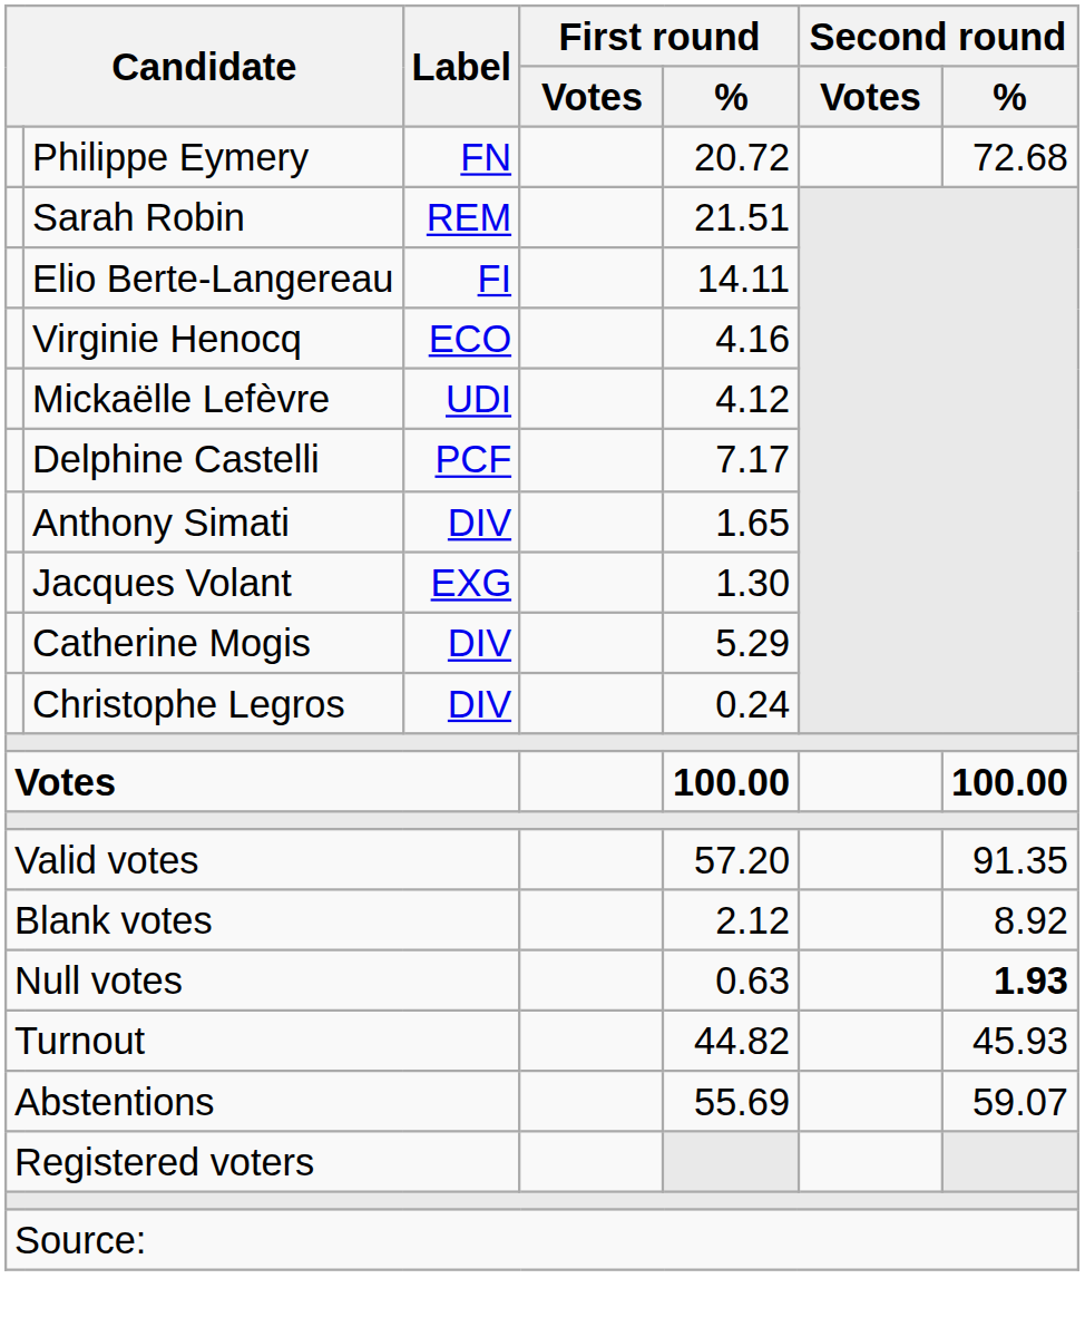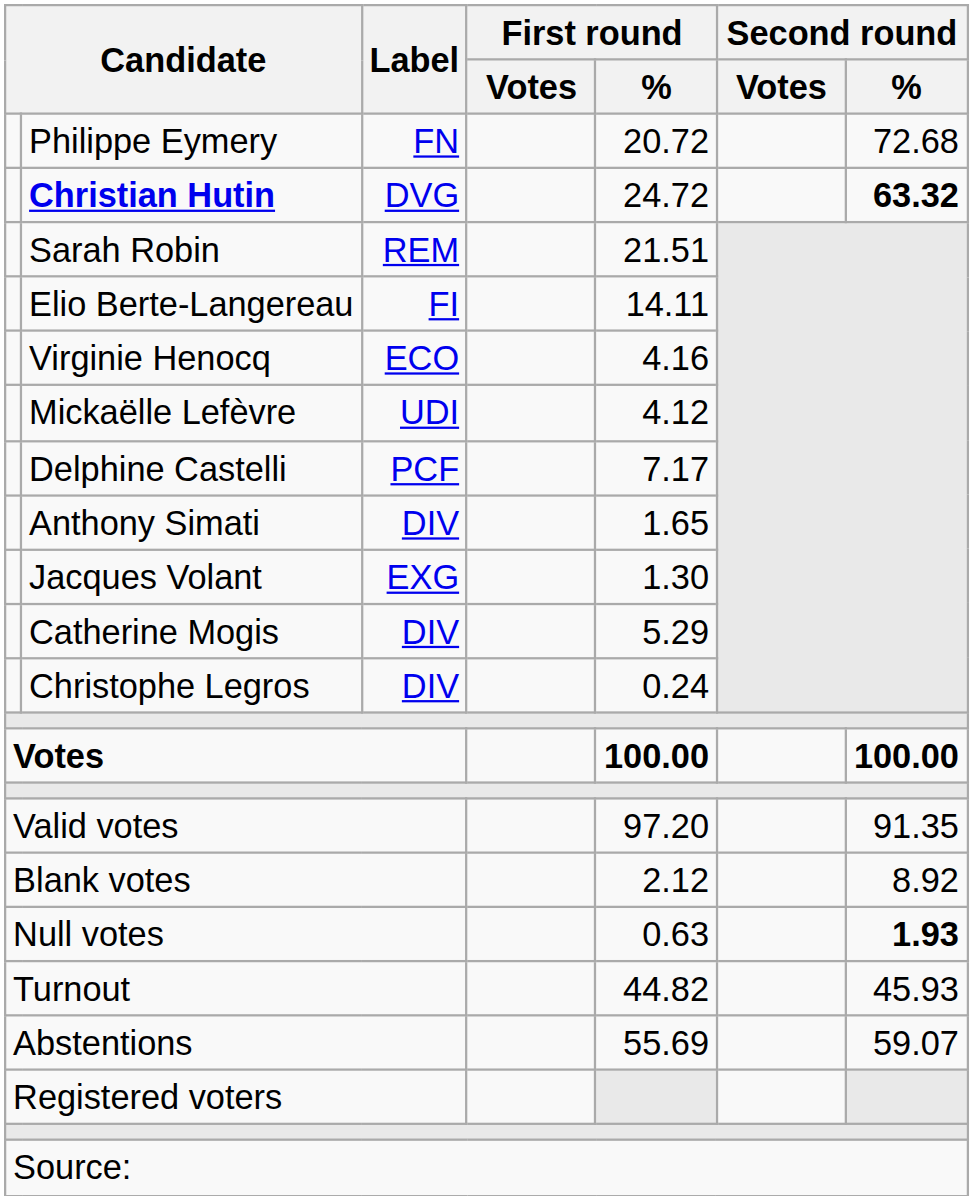 <table class="wikitable" style="text-align:right;font-size:95%;">
 <tr>
 <th rowspan="2" colspan="2">Candidate</th>
 <th rowspan="2">Label</th>
 <th colspan="2">First round</th>
 <th colspan="2">Second round</th>
 </tr>
 <tr>
 <th style="width:50px;">Votes</th>
 <th style="width:45px;">%</th>
 <th style="width:50px;">Votes</th>
 <th style="width:45px;">%</th>
 </tr>
 <tr>
 <td style="color:inherit;background:"></td>
 <td style="text-align:left;">Philippe Eymery</td>
 <td><a href='#'>FN</a></td>
 <td></td>
 <td>20.72</td>
 <td></td>
 <td>72.68</td>
+</tr>
+<tr>
+<td style="color:inherit;background:"></td>
+<td style="text-align:left;"><strong><a href='#'>Christian Hutin</a></strong></td>
+<td><a href='#'>DVG</a></td>
+<td></td>
+<td>24.72</td>
+<td><strong></strong></td>
+<td><strong>63.32</strong></td>
 </tr>
 <tr>
 <td style="color:inherit;background:"></td>
 <td style="text-align:left;">Sarah Robin</td>
 <td><a href='#'>REM</a></td>
 <td></td>
 <td>21.51</td>
 <td colspan="2" rowspan="9" style="background:#E9E9E9;"></td>
 </tr>
 <tr>
 <td style="color:inherit;background:"></td>
 <td style="text-align:left;">Elio Berte-Langereau</td>
 <td><a href='#'>FI</a></td>
 <td></td>
 <td>14.11</td>
 </tr>
 <tr>
 <td style="color:inherit;background:"></td>
 <td style="text-align:left;">Virginie Henocq</td>
 <td><a href='#'>ECO</a></td>
 <td></td>
 <td>4.16</td>
 </tr>
 <tr>
 <td style="color:inherit;background:"></td>
 <td style="text-align:left;">Mickaëlle Lefèvre</td>
 <td><a href='#'>UDI</a></td>
 <td></td>
 <td>4.12</td>
 </tr>
 <tr>
 <td style="color:inherit;background:"></td>
 <td style="text-align:left;">Delphine Castelli</td>
 <td><a href='#'>PCF</a></td>
 <td></td>
 <td>7.17</td>
 </tr>
 <tr>
 <td style="color:inherit;background:"></td>
 <td style="text-align:left;">Anthony Simati</td>
 <td><a href='#'>DIV</a></td>
 <td></td>
 <td>1.65</td>
 </tr>
 <tr>
 <td style="color:inherit;background:"></td>
 <td style="text-align:left;">Jacques Volant</td>
 <td><a href='#'>EXG</a></td>
 <td></td>
 <td>1.30</td>
 </tr>
 <tr>
 <td style="color:inherit;background:"></td>
 <td style="text-align:left;">Catherine Mogis</td>
 <td><a href='#'>DIV</a></td>
 <td></td>
 <td>5.29</td>
 </tr>
 <tr>
 <td style="color:inherit;background:"></td>
 <td style="text-align:left;">Christophe Legros</td>
 <td><a href='#'>DIV</a></td>
 <td></td>
 <td>0.24</td>
 </tr>
 <tr>
 <td colspan="7" style="background:#E9E9E9;"></td>
 </tr>
 <tr style="font-weight:bold;">
 <td colspan="3" style="text-align:left;">Votes</td>
 <td></td>
 <td>100.00</td>
 <td></td>
 <td>100.00</td>
 </tr>
 <tr>
 <td colspan="7" style="background:#E9E9E9;"></td>
 </tr>
 <tr>
 <td colspan="3" style="text-align:left;">Valid votes</td>
 <td></td>
-<td>57.20</td>
+<td>97.20</td>
 <td></td>
 <td>91.35</td>
 </tr>
 <tr>
 <td colspan="3" style="text-align:left;">Blank votes</td>
 <td></td>
 <td>2.12</td>
 <td></td>
 <td>8.92</td>
 </tr>
 <tr>
 <td colspan="3" style="text-align:left;">Null votes</td>
 <td></td>
 <td>0.63</td>
 <td></td>
 <td><strong>1.93</strong></td>
 </tr>
 <tr>
 <td colspan="3" style="text-align:left;">Turnout</td>
 <td></td>
 <td>44.82</td>
 <td></td>
 <td>45.93</td>
 </tr>
 <tr>
 <td colspan="3" style="text-align:left;">Abstentions</td>
 <td></td>
 <td>55.69</td>
 <td></td>
 <td>59.07</td>
 </tr>
 <tr>
 <td colspan="3" style="text-align:left;">Registered voters</td>
 <td></td>
 <td style="background:#E9E9E9;"></td>
 <td></td>
 <td style="background:#E9E9E9;"></td>
 </tr>
 <tr>
 <td colspan="7" style="background:#E9E9E9;"></td>
 </tr>
 <tr>
 <td colspan="7" style="text-align:left;">Source: </td>
 </tr>
 </table>
